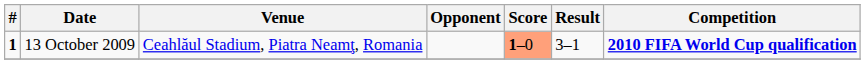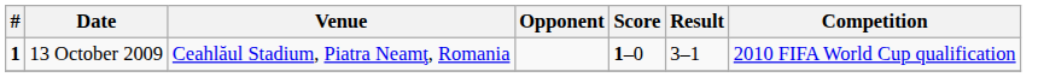 <table class="wikitable sortable" style="font-size:85%">
 <tr>
 <th>#</th>
 <th>Date</th>
 <th>Venue</th>
 <th>Opponent</th>
 <th>Score</th>
 <th>Result</th>
 <th>Competition</th>
 </tr>
 <tr>
 <td><strong>1</strong></td>
 <td>13 October 2009</td>
 <td><a href='#'>Ceahlăul Stadium</a>, <a href='#'>Piatra Neamţ</a>, <a href='#'>Romania</a></td>
 <td></td>
-<td style="background: lightsalmon;"><strong>1</strong>–0</td>
+<td><strong>1</strong>–0</td>
 <td>3–1</td>
-<td><strong><a href='#'>2010 FIFA World Cup qualification</a></strong></td>
+<td><a href='#'>2010 FIFA World Cup qualification</a></td>
 </tr>
 <tr>
 </tr>
 </table>
